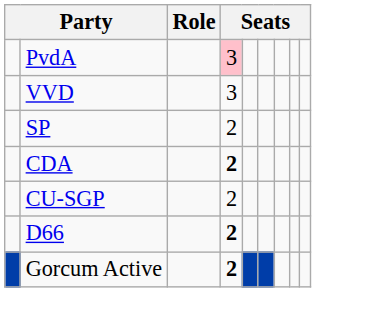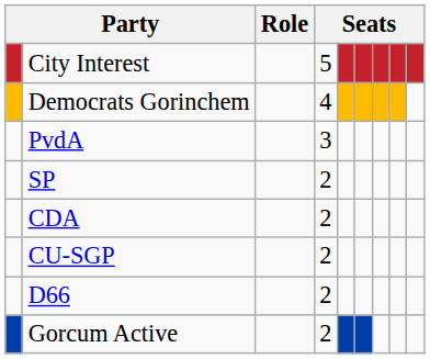 <table class="wikitable">
 <tr>
 <th colspan="2">Party</th>
 <th>Role</th>
 <th colspan="6">Seats</th>
 </tr>
 <tr>
-<td style="background-color:"> </td>
-<td><a href='#'>PvdA</a></td>
+<td style="background-color:#c5212c"> </td>
+<td>City Interest</td>
 <td></td>
-<td style="background: pink;">3</td>
-<td style="background-color:"> </td>
-<td style="background-color:"> </td>
-<td style="background-color:"> </td>
+<td>5</td>
+<td style="background-color:#c5212c"> </td>
+<td style="background-color:#c5212c"> </td>
+<td style="background-color:#c5212c"> </td>
+<td style="background-color:#c5212c"> </td>
+<td style="background-color:#c5212c"> </td>
+</tr>
+<tr>
+<td style="background-color:#ffbb00"> </td>
+<td>Democrats Gorinchem</td>
 <td></td>
-<td></td>
+<td>4</td>
+<td style="background-color:#ffbb00"> </td>
+<td style="background-color:#ffbb00"> </td>
+<td style="background-color:#ffbb00"> </td>
+<td style="background-color:#ffbb00"> </td>
+<td> </td>
 </tr>
 <tr>
 <td style="background-color:"> </td>
-<td><a href='#'>VVD</a></td>
+<td><a href='#'>PvdA</a></td>
 <td></td>
 <td>3</td>
 <td style="background-color:"> </td>
 <td style="background-color:"> </td>
 <td style="background-color:"> </td>
 <td></td>
 <td></td>
 </tr>
 <tr>
 <td style="background-color:"> </td>
 <td><a href='#'>SP</a></td>
 <td></td>
 <td>2</td>
 <td style="background-color:"> </td>
 <td style="background-color:"> </td>
 <td></td>
 <td></td>
 <td></td>
 </tr>
 <tr>
 <td style="background-color:"> </td>
 <td><a href='#'>CDA</a></td>
 <td></td>
-<td><strong>2</strong></td>
+<td>2</td>
 <td style="background-color:"> </td>
 <td style="background-color:"> </td>
 <td></td>
 <td></td>
 <td></td>
 </tr>
 <tr>
 <td style="background-color:"> </td>
 <td><a href='#'>CU-SGP</a></td>
 <td></td>
 <td>2</td>
 <td style="background-color:"> </td>
 <td style="background-color:"> </td>
 <td></td>
 <td></td>
 <td></td>
 </tr>
 <tr>
 <td style="background-color:"> </td>
 <td><a href='#'>D66</a></td>
 <td></td>
-<td><strong>2</strong></td>
+<td>2</td>
 <td style="background-color:"> </td>
 <td style="background-color:"> </td>
 <td></td>
 <td></td>
 <td></td>
 </tr>
 <tr>
 <td style="background-color:#003da8"> </td>
 <td>Gorcum Active</td>
 <td></td>
-<td><strong>2</strong></td>
+<td>2</td>
 <td style="background-color:#003da8"> </td>
 <td style="background-color:#003da8"> </td>
 <td></td>
 <td></td>
 <td></td>
 </tr>
 </table>
